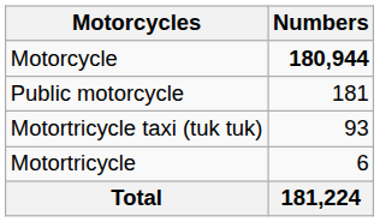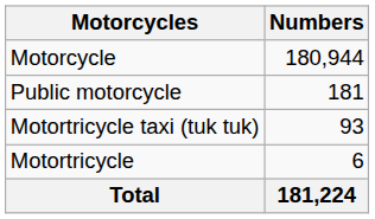 <table class="wikitable" style="display:inline-table;">
 <tr>
 <th>Motorcycles</th>
 <th>Numbers</th>
 </tr>
 <tr>
 <td>Motorcycle</td>
-<td style="text-align:right;"><strong>180,944</strong></td>
+<td style="text-align:right;">180,944</td>
 </tr>
 <tr>
 <td>Public motorcycle</td>
 <td style="text-align:right;">181</td>
 </tr>
 <tr>
 <td>Motortricycle taxi (tuk tuk)</td>
 <td style="text-align:right;">93</td>
 </tr>
 <tr>
 <td>Motortricycle</td>
 <td style="text-align:right;">6</td>
 </tr>
 <tr>
 <th>Total</th>
 <th>181,224</th>
 </tr>
 </table>
